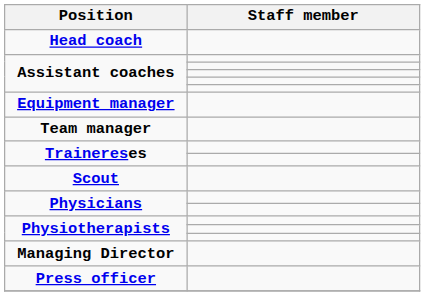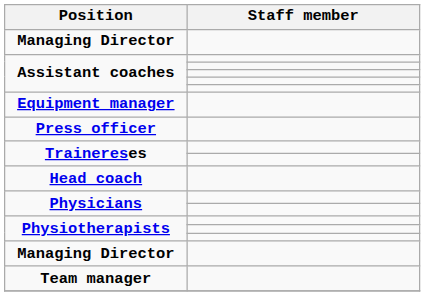 <table class="wikitable sortable" style="text-align:center; font-size:95%">
 <tr>
 <th scope="col" width="140px">Position</th>
 <th scope="col" width="180px">Staff member</th>
 </tr>
 <tr>
-<td><strong><a href='#'>Head coach</a></strong></td>
+<td><strong>Managing Director</strong></td>
 <td> </td>
 </tr>
 <tr>
 <td rowspan=5><strong>Assistant coaches</strong></td>
 <td> </td>
 </tr>
 <tr>
 <td> </td>
 </tr>
 <tr>
 <td> </td>
 </tr>
 <tr>
 <td> </td>
 </tr>
 <tr>
 <td> </td>
 </tr>
 <tr>
 <td><strong><a href='#'>Equipment manager</a></strong></td>
 <td> </td>
 </tr>
 <tr>
-<td><strong>Team manager</strong></td>
+<td><strong><a href='#'>Press officer</a></strong></td>
 <td> </td>
 </tr>
 <tr>
 <td rowspan=2><strong><a href='#'>Traineres</a>es</strong></td>
 <td> </td>
 </tr>
 <tr>
 <td> </td>
 </tr>
 <tr>
-<td><strong><a href='#'>Scout</a></strong></td>
+<td><strong><a href='#'>Head coach</a></strong></td>
 <td> </td>
 </tr>
 <tr>
 <td rowspan=2><strong><a href='#'>Physicians</a></strong></td>
 <td> </td>
 </tr>
 <tr>
 <td> </td>
 </tr>
 <tr>
 <td rowspan=3><strong><a href='#'>Physiotherapists</a></strong></td>
 <td> </td>
 </tr>
 <tr>
 <td> </td>
 </tr>
 <tr>
 <td> </td>
 </tr>
 <tr>
 <td><strong>Managing Director</strong></td>
 <td> </td>
 </tr>
 <tr>
-<td><strong><a href='#'>Press officer</a></strong></td>
+<td><strong>Team manager</strong></td>
 <td> </td>
 </tr>
 <tr>
 </tr>
 </table>
